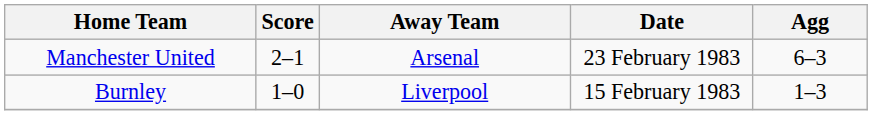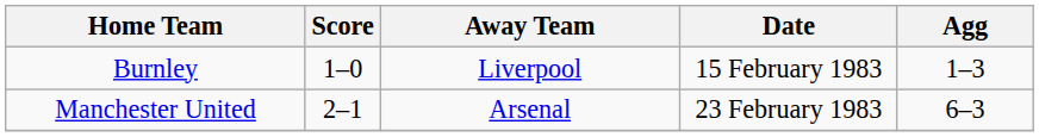 <table class="wikitable" style="text-align:center;">
 <tr>
 <th width=175>Home Team</th>
 <th width=20>Score</th>
 <th width=175>Away Team</th>
 <th width=125>Date</th>
 <th width= 75>Agg</th>
 </tr>
 <tr>
+<td><a href='#'>Burnley</a></td>
+<td>1–0</td>
+<td><a href='#'>Liverpool</a></td>
+<td>15 February 1983</td>
+<td>1–3</td>
+</tr>
+<tr>
 <td><a href='#'>Manchester United</a></td>
 <td>2–1</td>
 <td><a href='#'>Arsenal</a></td>
 <td>23 February 1983</td>
 <td>6–3</td>
 </tr>
 <tr>
-<td><a href='#'>Burnley</a></td>
-<td>1–0</td>
-<td><a href='#'>Liverpool</a></td>
-<td>15 February 1983</td>
-<td>1–3</td>
-</tr>
-<tr>
 </tr>
 </table>
